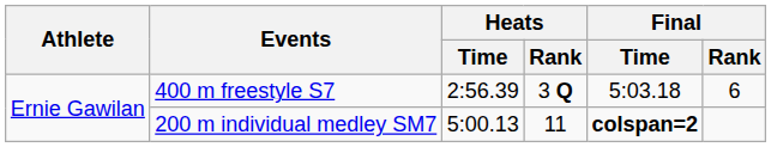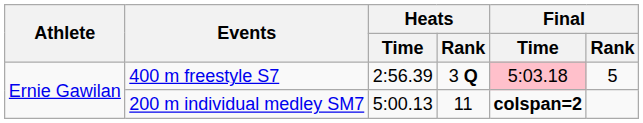 <table class=wikitable style="font-size:90%">
 <tr>
 <th rowspan="2">Athlete</th>
 <th rowspan="2">Events</th>
 <th colspan="2">Heats</th>
 <th colspan="2">Final</th>
 </tr>
 <tr>
 <th>Time</th>
 <th>Rank</th>
 <th>Time</th>
 <th>Rank</th>
 </tr>
 <tr align=center>
 <td align=left rowspan=2><a href='#'>Ernie Gawilan</a></td>
 <td align=left><a href='#'>400 m freestyle S7</a></td>
 <td>2:56.39</td>
 <td>3 <strong>Q</strong></td>
-<td>5:03.18</td>
-<td>6</td>
+<td style="background: pink;">5:03.18</td>
+<td>5</td>
 </tr>
 <tr align=center>
 <td align=left><a href='#'>200 m individual medley SM7</a></td>
 <td>5:00.13</td>
 <td>11</td>
 <td><strong>colspan=2 </strong></td>
 </tr>
 </table>
